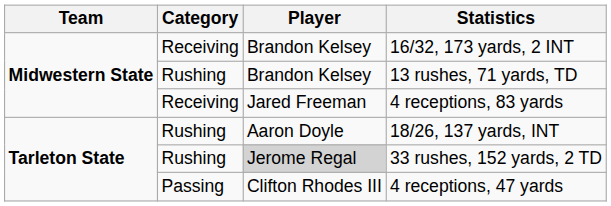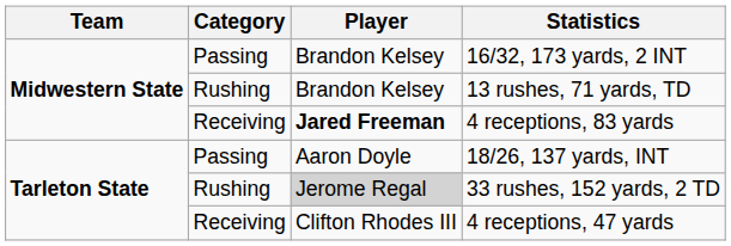 <table class="wikitable" style="float: left;">
 <tr>
 <th>Team</th>
 <th>Category</th>
 <th>Player</th>
 <th>Statistics</th>
 </tr>
 <tr>
 <td rowspan=3><strong>Midwestern State</strong></td>
-<td>Receiving</td>
+<td>Passing</td>
 <td>Brandon Kelsey</td>
 <td>16/32, 173 yards, 2 INT</td>
 </tr>
 <tr>
 <td>Rushing</td>
 <td>Brandon Kelsey</td>
 <td>13 rushes, 71 yards, TD</td>
 </tr>
 <tr>
 <td>Receiving</td>
-<td>Jared Freeman</td>
+<td><strong>Jared Freeman</strong></td>
 <td>4 receptions, 83 yards</td>
 </tr>
 <tr>
 <td rowspan=3><strong>Tarleton State</strong></td>
-<td>Rushing</td>
+<td>Passing</td>
 <td>Aaron Doyle</td>
 <td>18/26, 137 yards, INT</td>
 </tr>
 <tr>
 <td>Rushing</td>
 <td style="background: lightgrey;">Jerome Regal</td>
 <td>33 rushes, 152 yards, 2 TD</td>
 </tr>
 <tr>
-<td>Passing</td>
+<td>Receiving</td>
 <td>Clifton Rhodes III</td>
 <td>4 receptions, 47 yards</td>
 </tr>
 </table>
